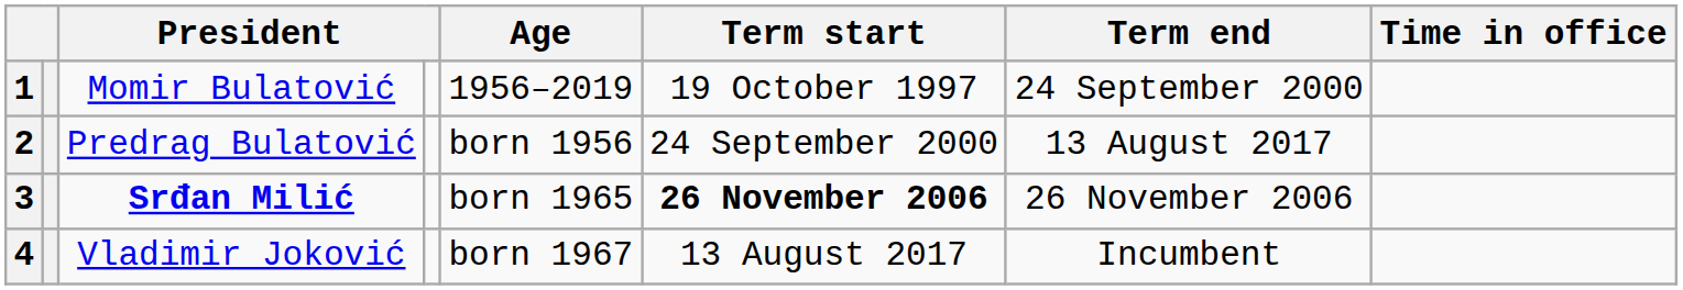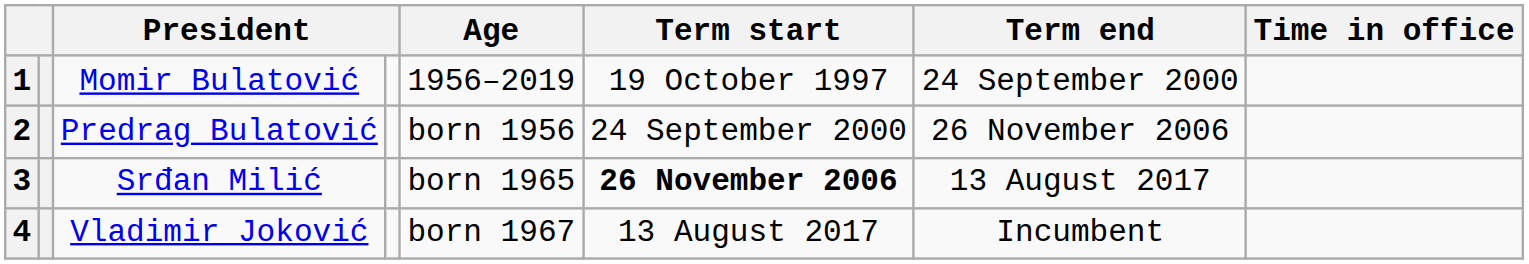 <table class="wikitable" style="text-align:center">
 <tr>
 <th colspan="2"></th>
 <th colspan="2">President</th>
 <th>Age</th>
 <th>Term start</th>
 <th>Term end</th>
 <th>Time in office</th>
 </tr>
 <tr>
 <th>1</th>
 <th style="background:"></th>
 <td><a href='#'>Momir Bulatović</a></td>
 <td></td>
 <td>1956–2019</td>
 <td>19 October 1997</td>
 <td>24 September 2000</td>
 <td></td>
 </tr>
 <tr>
 <th>2</th>
 <th style="background:"></th>
 <td><a href='#'>Predrag Bulatović</a></td>
 <td></td>
 <td>born 1956</td>
 <td>24 September 2000</td>
-<td>13 August 2017</td>
+<td>26 November 2006</td>
 <td></td>
 </tr>
 <tr>
 <th>3</th>
 <th style="background:"></th>
-<td><strong><a href='#'>Srđan Milić</a></strong></td>
+<td><a href='#'>Srđan Milić</a></td>
 <td></td>
 <td>born 1965</td>
 <td><strong>26 November 2006</strong></td>
-<td>26 November 2006</td>
+<td>13 August 2017</td>
 <td></td>
 </tr>
 <tr>
 <th>4</th>
 <th style="background:"></th>
 <td><a href='#'>Vladimir Joković</a></td>
 <td></td>
 <td>born 1967</td>
 <td>13 August 2017</td>
 <td>Incumbent</td>
 <td></td>
 </tr>
 </table>
